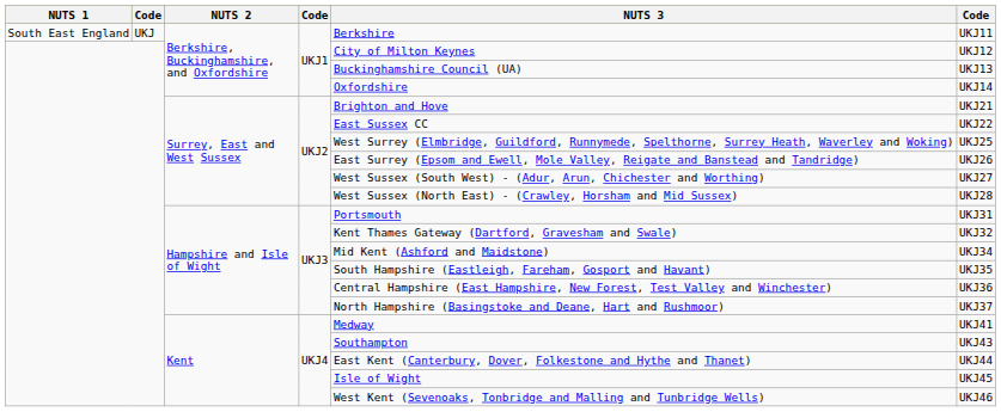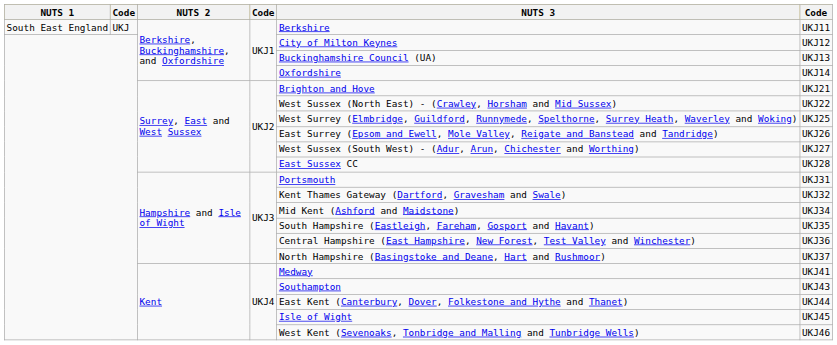 <table class="wikitable">
 <tr style="background:gold; text-align:left;">
 <th>NUTS 1</th>
 <th>Code</th>
 <th width=150px>NUTS 2</th>
 <th>Code</th>
 <th>NUTS 3</th>
 <th>Code</th>
 </tr>
 <tr>
 <td>South East England</td>
 <td>UKJ</td>
 <td rowspan=4><a href='#'>Berkshire</a>, <a href='#'>Buckinghamshire</a>, and <a href='#'>Oxfordshire</a></td>
 <td rowspan=4>UKJ1</td>
 <td><a href='#'>Berkshire</a></td>
 <td>UKJ11</td>
 </tr>
 <tr>
 <td rowspan=20 colspan=2 align="center"></td>
 <td><a href='#'>City of Milton Keynes</a></td>
 <td>UKJ12</td>
 </tr>
 <tr>
 <td><a href='#'>Buckinghamshire Council</a> (UA)</td>
 <td>UKJ13</td>
 </tr>
 <tr>
 <td><a href='#'>Oxfordshire</a></td>
 <td>UKJ14</td>
 </tr>
 <tr>
 <td rowspan=6><a href='#'>Surrey</a>, <a href='#'>East</a> and <a href='#'>West</a> <a href='#'>Sussex</a></td>
 <td rowspan=6>UKJ2</td>
 <td><a href='#'>Brighton and Hove</a></td>
 <td>UKJ21</td>
 </tr>
 <tr>
-<td><a href='#'>East Sussex</a> CC</td>
+<td>West Sussex (North East) - (<a href='#'>Crawley</a>, <a href='#'>Horsham</a> and <a href='#'>Mid Sussex</a>)</td>
 <td>UKJ22</td>
 </tr>
 <tr>
 <td>West Surrey (<a href='#'>Elmbridge</a>, <a href='#'>Guildford</a>, <a href='#'>Runnymede</a>, <a href='#'>Spelthorne</a>, <a href='#'>Surrey Heath</a>, <a href='#'>Waverley</a> and <a href='#'>Woking</a>)</td>
 <td>UKJ25</td>
 </tr>
 <tr>
 <td>East Surrey (<a href='#'>Epsom and Ewell</a>, <a href='#'>Mole Valley</a>, <a href='#'>Reigate and Banstead</a> and <a href='#'>Tandridge</a>)</td>
 <td>UKJ26</td>
 </tr>
 <tr>
 <td>West Sussex (South West) - (<a href='#'>Adur</a>, <a href='#'>Arun</a>, <a href='#'>Chichester</a> and <a href='#'>Worthing</a>)</td>
 <td>UKJ27</td>
 </tr>
 <tr>
-<td>West Sussex (North East) - (<a href='#'>Crawley</a>, <a href='#'>Horsham</a> and <a href='#'>Mid Sussex</a>)</td>
+<td><a href='#'>East Sussex</a> CC</td>
 <td>UKJ28</td>
 </tr>
 <tr>
 <td rowspan=6><a href='#'>Hampshire</a> and <a href='#'>Isle of Wight</a></td>
 <td rowspan=6>UKJ3</td>
 <td><a href='#'>Portsmouth</a></td>
 <td>UKJ31</td>
 </tr>
 <tr>
 <td>Kent Thames Gateway (<a href='#'>Dartford</a>, <a href='#'>Gravesham</a> and <a href='#'>Swale</a>)</td>
 <td>UKJ32</td>
 </tr>
 <tr>
 <td>Mid Kent (<a href='#'>Ashford</a> and <a href='#'>Maidstone</a>)</td>
 <td>UKJ34</td>
 </tr>
 <tr>
 <td>South Hampshire (<a href='#'>Eastleigh</a>, <a href='#'>Fareham</a>, <a href='#'>Gosport</a> and <a href='#'>Havant</a>)</td>
 <td>UKJ35</td>
 </tr>
 <tr>
 <td>Central Hampshire (<a href='#'>East Hampshire</a>, <a href='#'>New Forest</a>, <a href='#'>Test Valley</a> and <a href='#'>Winchester</a>)</td>
 <td>UKJ36</td>
 </tr>
 <tr>
 <td>North Hampshire (<a href='#'>Basingstoke and Deane</a>, <a href='#'>Hart</a> and <a href='#'>Rushmoor</a>)</td>
 <td>UKJ37</td>
 </tr>
 <tr>
 <td rowspan=5><a href='#'>Kent</a></td>
 <td rowspan=5>UKJ4</td>
 <td><a href='#'>Medway</a></td>
 <td>UKJ41</td>
 </tr>
 <tr>
 <td><a href='#'>Southampton</a></td>
 <td>UKJ43</td>
 </tr>
 <tr>
 <td>East Kent (<a href='#'>Canterbury</a>, <a href='#'>Dover</a>, <a href='#'>Folkestone and Hythe</a> and <a href='#'>Thanet</a>)</td>
 <td>UKJ44</td>
 </tr>
 <tr>
 <td><a href='#'>Isle of Wight</a></td>
 <td>UKJ45</td>
 </tr>
 <tr>
 <td>West Kent (<a href='#'>Sevenoaks</a>, <a href='#'>Tonbridge and Malling</a> and <a href='#'>Tunbridge Wells</a>)</td>
 <td>UKJ46</td>
 </tr>
 </table>
